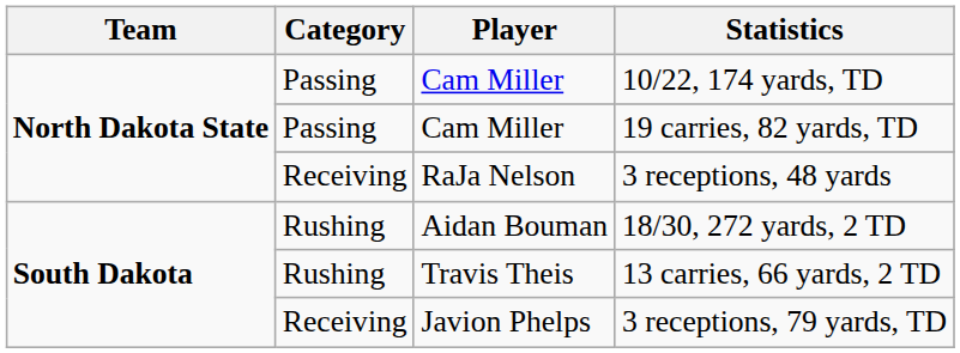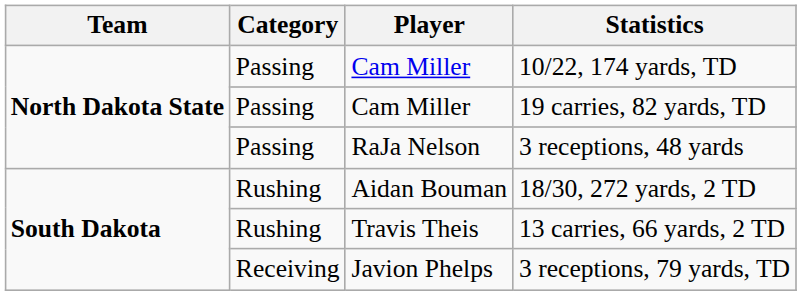 <table class="wikitable" style="float: right;">
 <tr>
 <th>Team</th>
 <th>Category</th>
 <th>Player</th>
 <th>Statistics</th>
 </tr>
 <tr>
 <td rowspan=3><strong>North Dakota State</strong></td>
 <td>Passing</td>
 <td><a href='#'>Cam Miller</a></td>
 <td>10/22, 174 yards, TD</td>
 </tr>
 <tr>
 <td>Passing</td>
 <td>Cam Miller</td>
 <td>19 carries, 82 yards, TD</td>
 </tr>
 <tr>
-<td>Receiving</td>
+<td>Passing</td>
 <td>RaJa Nelson</td>
 <td>3 receptions, 48 yards</td>
 </tr>
 <tr>
 <td rowspan=3><strong>South Dakota</strong></td>
 <td>Rushing</td>
 <td>Aidan Bouman</td>
 <td>18/30, 272 yards, 2 TD</td>
 </tr>
 <tr>
 <td>Rushing</td>
 <td>Travis Theis</td>
 <td>13 carries, 66 yards, 2 TD</td>
 </tr>
 <tr>
 <td>Receiving</td>
 <td>Javion Phelps</td>
 <td>3 receptions, 79 yards, TD</td>
 </tr>
 </table>
